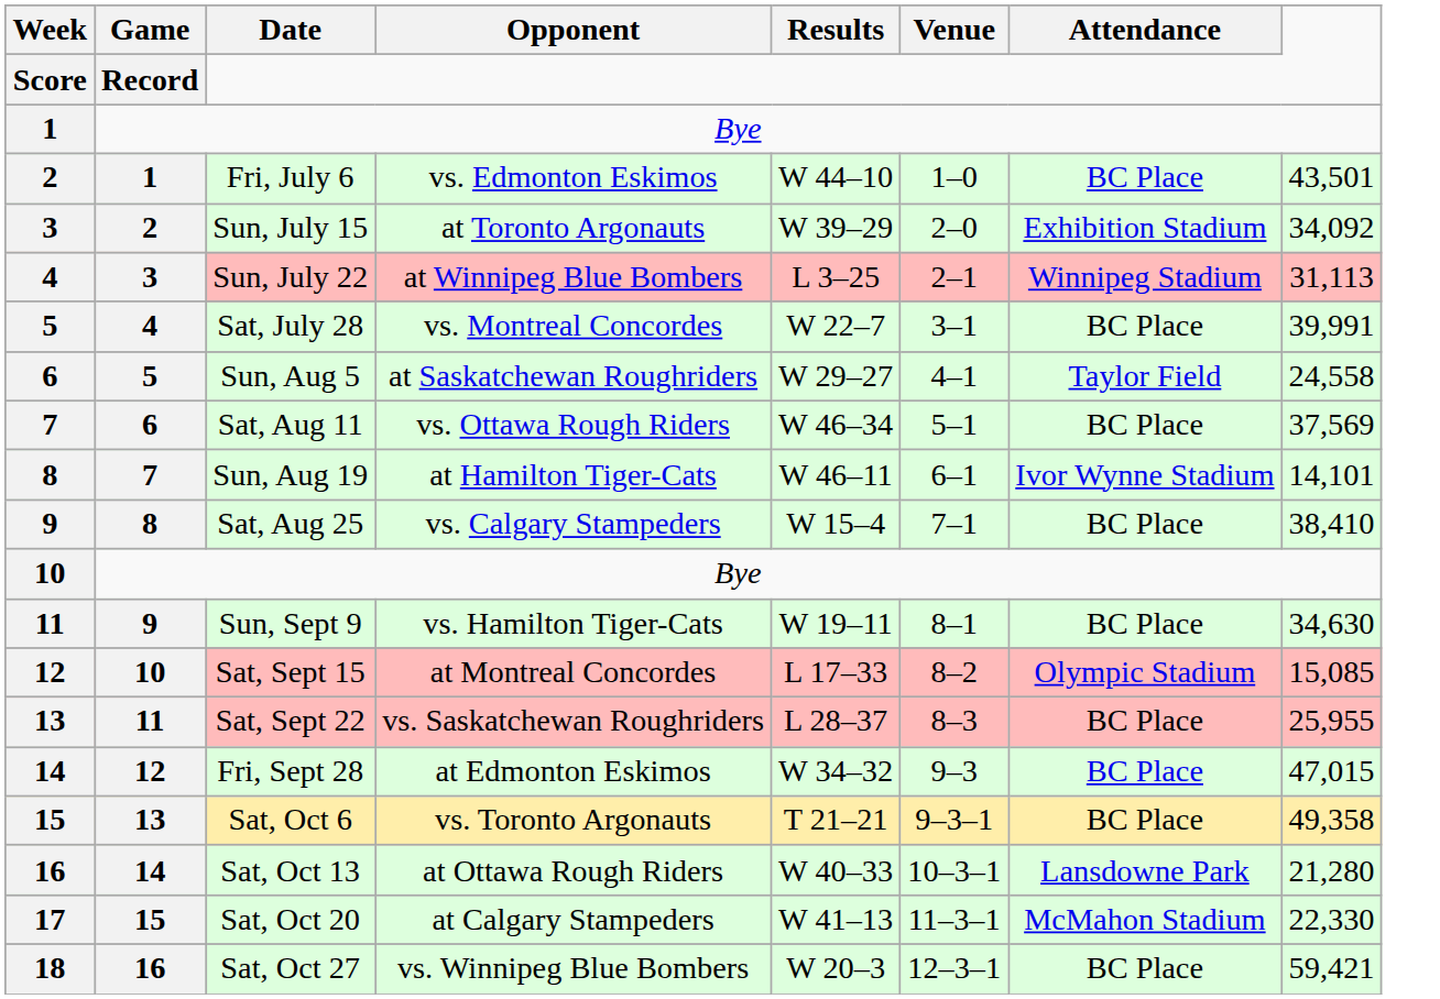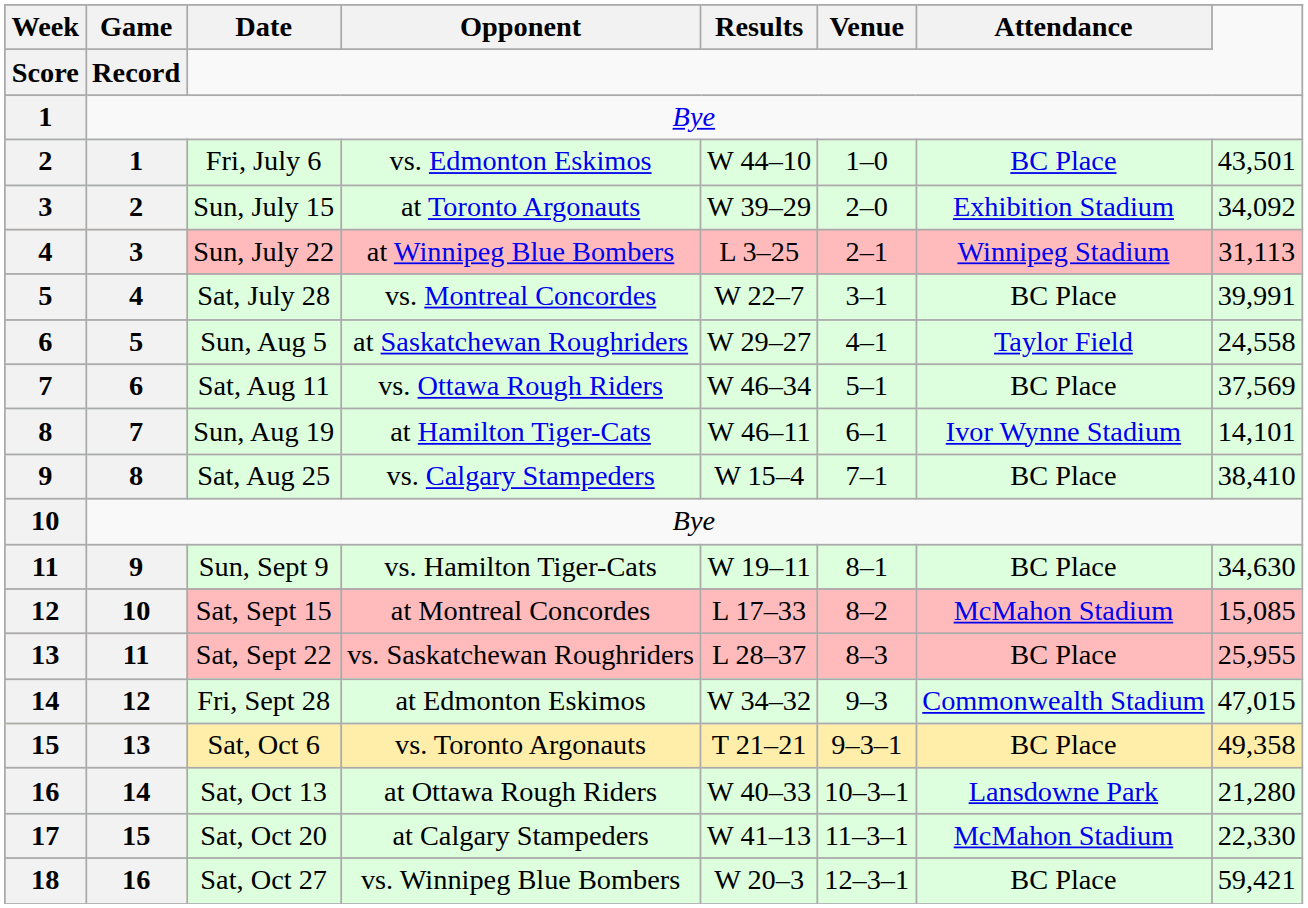 <table class="wikitable" style="text-align:center">
 <tr>
 <th>Week</th>
 <th>Game</th>
 <th>Date</th>
 <th>Opponent</th>
 <th>Results</th>
 <th>Venue</th>
 <th>Attendance</th>
 </tr>
 <tr>
 <th>Score</th>
 <th>Record</th>
 </tr>
 <tr>
 <th>1</th>
 <td colspan=7><em><a href='#'>Bye</a></em></td>
 </tr>
 <tr style="background:#ddffdd">
 <th>2</th>
 <th>1</th>
 <td>Fri, July 6</td>
 <td>vs. <a href='#'>Edmonton Eskimos</a></td>
 <td>W 44–10</td>
 <td>1–0</td>
 <td><a href='#'>BC Place</a></td>
 <td>43,501</td>
 </tr>
 <tr style="background:#ddffdd">
 <th>3</th>
 <th>2</th>
 <td>Sun, July 15</td>
 <td>at <a href='#'>Toronto Argonauts</a></td>
 <td>W 39–29</td>
 <td>2–0</td>
 <td><a href='#'>Exhibition Stadium</a></td>
 <td>34,092</td>
 </tr>
 <tr style="background:#ffbbbb">
 <th>4</th>
 <th>3</th>
 <td>Sun, July 22</td>
 <td>at <a href='#'>Winnipeg Blue Bombers</a></td>
 <td>L 3–25</td>
 <td>2–1</td>
 <td><a href='#'>Winnipeg Stadium</a></td>
 <td>31,113</td>
 </tr>
 <tr style="background:#ddffdd">
 <th>5</th>
 <th>4</th>
 <td>Sat, July 28</td>
 <td>vs. <a href='#'>Montreal Concordes</a></td>
 <td>W 22–7</td>
 <td>3–1</td>
 <td>BC Place</td>
 <td>39,991</td>
 </tr>
 <tr style="background:#ddffdd">
 <th>6</th>
 <th>5</th>
 <td>Sun, Aug 5</td>
 <td>at <a href='#'>Saskatchewan Roughriders</a></td>
 <td>W 29–27</td>
 <td>4–1</td>
 <td><a href='#'>Taylor Field</a></td>
 <td>24,558</td>
 </tr>
 <tr style="background:#ddffdd">
 <th>7</th>
 <th>6</th>
 <td>Sat, Aug 11</td>
 <td>vs. <a href='#'>Ottawa Rough Riders</a></td>
 <td>W 46–34</td>
 <td>5–1</td>
 <td>BC Place</td>
 <td>37,569</td>
 </tr>
 <tr style="background:#ddffdd">
 <th>8</th>
 <th>7</th>
 <td>Sun, Aug 19</td>
 <td>at <a href='#'>Hamilton Tiger-Cats</a></td>
 <td>W 46–11</td>
 <td>6–1</td>
 <td><a href='#'>Ivor Wynne Stadium</a></td>
 <td>14,101</td>
 </tr>
 <tr style="background:#ddffdd">
 <th>9</th>
 <th>8</th>
 <td>Sat, Aug 25</td>
 <td>vs. <a href='#'>Calgary Stampeders</a></td>
 <td>W 15–4</td>
 <td>7–1</td>
 <td>BC Place</td>
 <td>38,410</td>
 </tr>
 <tr>
 <th>10</th>
 <td colspan=7><em>Bye</em></td>
 </tr>
 <tr style="background:#ddffdd">
 <th>11</th>
 <th>9</th>
 <td>Sun, Sept 9</td>
 <td>vs. Hamilton Tiger-Cats</td>
 <td>W 19–11</td>
 <td>8–1</td>
 <td>BC Place</td>
 <td>34,630</td>
 </tr>
 <tr style="background:#ffbbbb">
 <th>12</th>
 <th>10</th>
 <td>Sat, Sept 15</td>
 <td>at Montreal Concordes</td>
 <td>L 17–33</td>
 <td>8–2</td>
-<td><a href='#'>Olympic Stadium</a></td>
+<td><a href='#'>McMahon Stadium</a></td>
 <td>15,085</td>
 </tr>
 <tr style="background:#ffbbbb">
 <th>13</th>
 <th>11</th>
 <td>Sat, Sept 22</td>
 <td>vs. Saskatchewan Roughriders</td>
 <td>L 28–37</td>
 <td>8–3</td>
 <td>BC Place</td>
 <td>25,955</td>
 </tr>
 <tr style="background:#ddffdd">
 <th>14</th>
 <th>12</th>
 <td>Fri, Sept 28</td>
 <td>at Edmonton Eskimos</td>
 <td>W 34–32</td>
 <td>9–3</td>
-<td><a href='#'>BC Place</a></td>
+<td><a href='#'>Commonwealth Stadium</a></td>
 <td>47,015</td>
 </tr>
 <tr style="background:#ffeeaa">
 <th>15</th>
 <th>13</th>
 <td>Sat, Oct 6</td>
 <td>vs. Toronto Argonauts</td>
 <td>T 21–21</td>
 <td>9–3–1</td>
 <td>BC Place</td>
 <td>49,358</td>
 </tr>
 <tr style="background:#ddffdd">
 <th>16</th>
 <th>14</th>
 <td>Sat, Oct 13</td>
 <td>at Ottawa Rough Riders</td>
 <td>W 40–33</td>
 <td>10–3–1</td>
 <td><a href='#'>Lansdowne Park</a></td>
 <td>21,280</td>
 </tr>
 <tr style="background:#ddffdd">
 <th>17</th>
 <th>15</th>
 <td>Sat, Oct 20</td>
 <td>at Calgary Stampeders</td>
 <td>W 41–13</td>
 <td>11–3–1</td>
 <td><a href='#'>McMahon Stadium</a></td>
 <td>22,330</td>
 </tr>
 <tr style="background:#ddffdd">
 <th>18</th>
 <th>16</th>
 <td>Sat, Oct 27</td>
 <td>vs. Winnipeg Blue Bombers</td>
 <td>W 20–3</td>
 <td>12–3–1</td>
 <td>BC Place</td>
 <td>59,421</td>
 </tr>
 </table>
